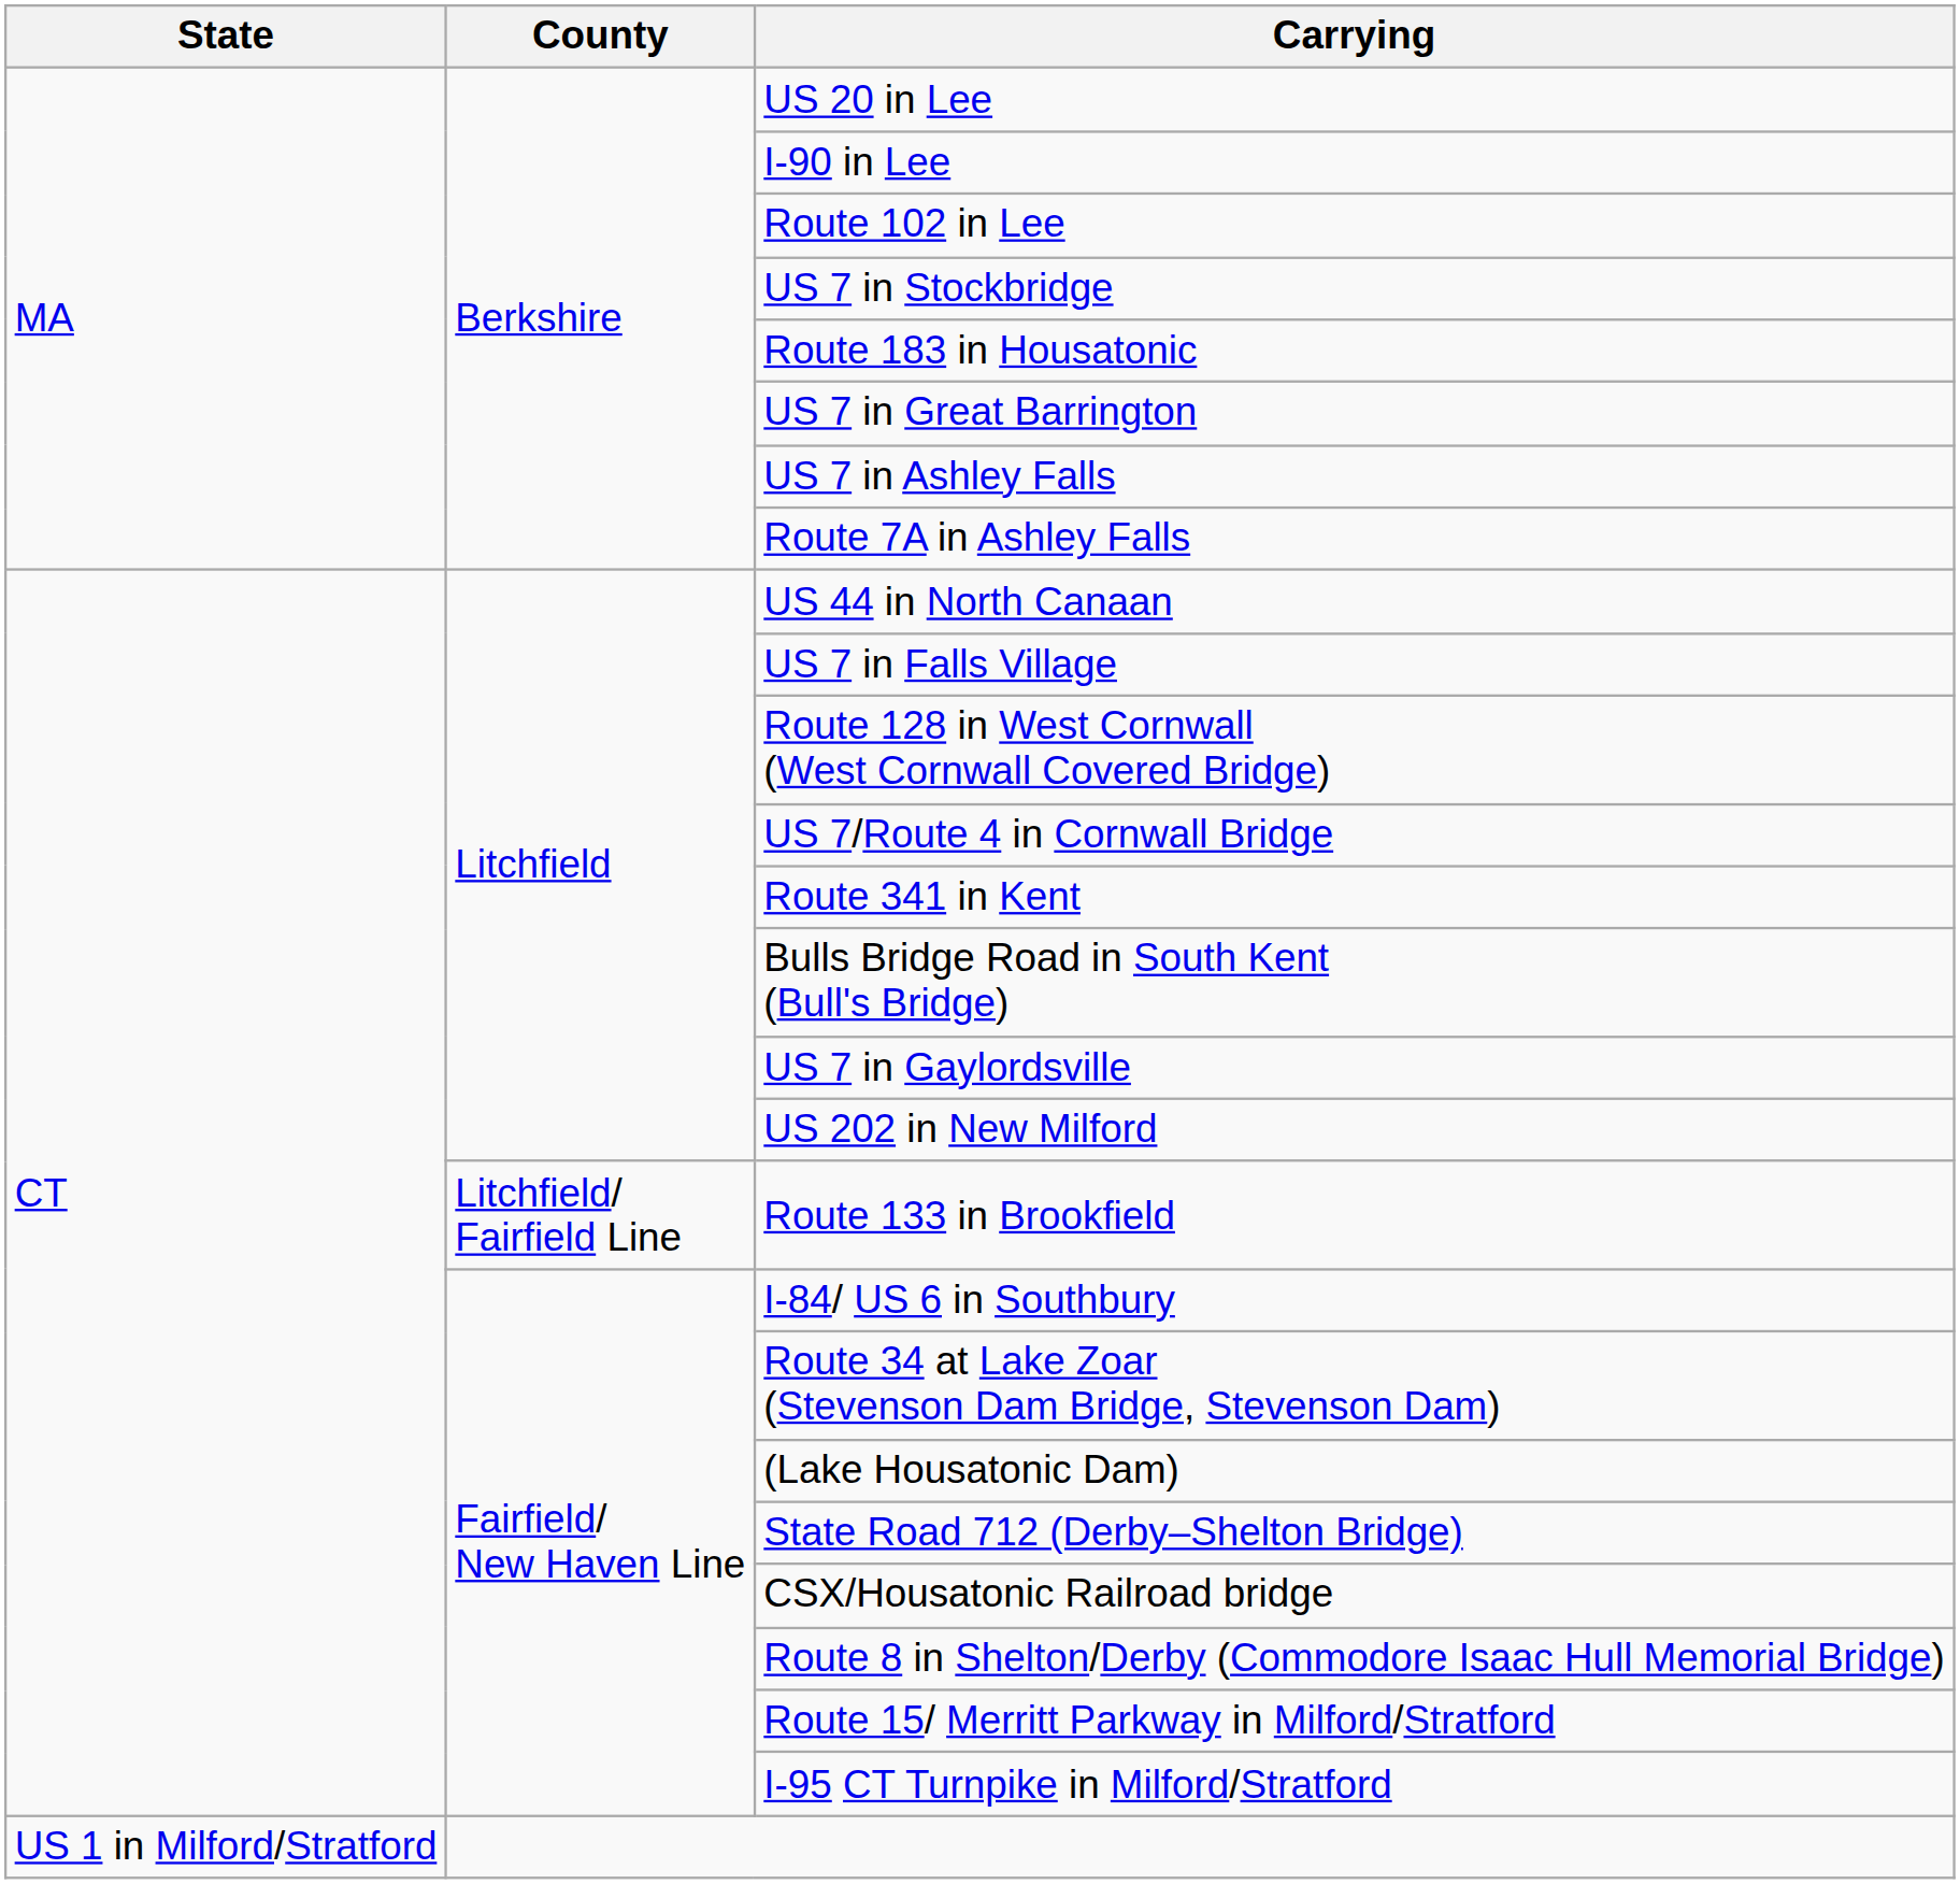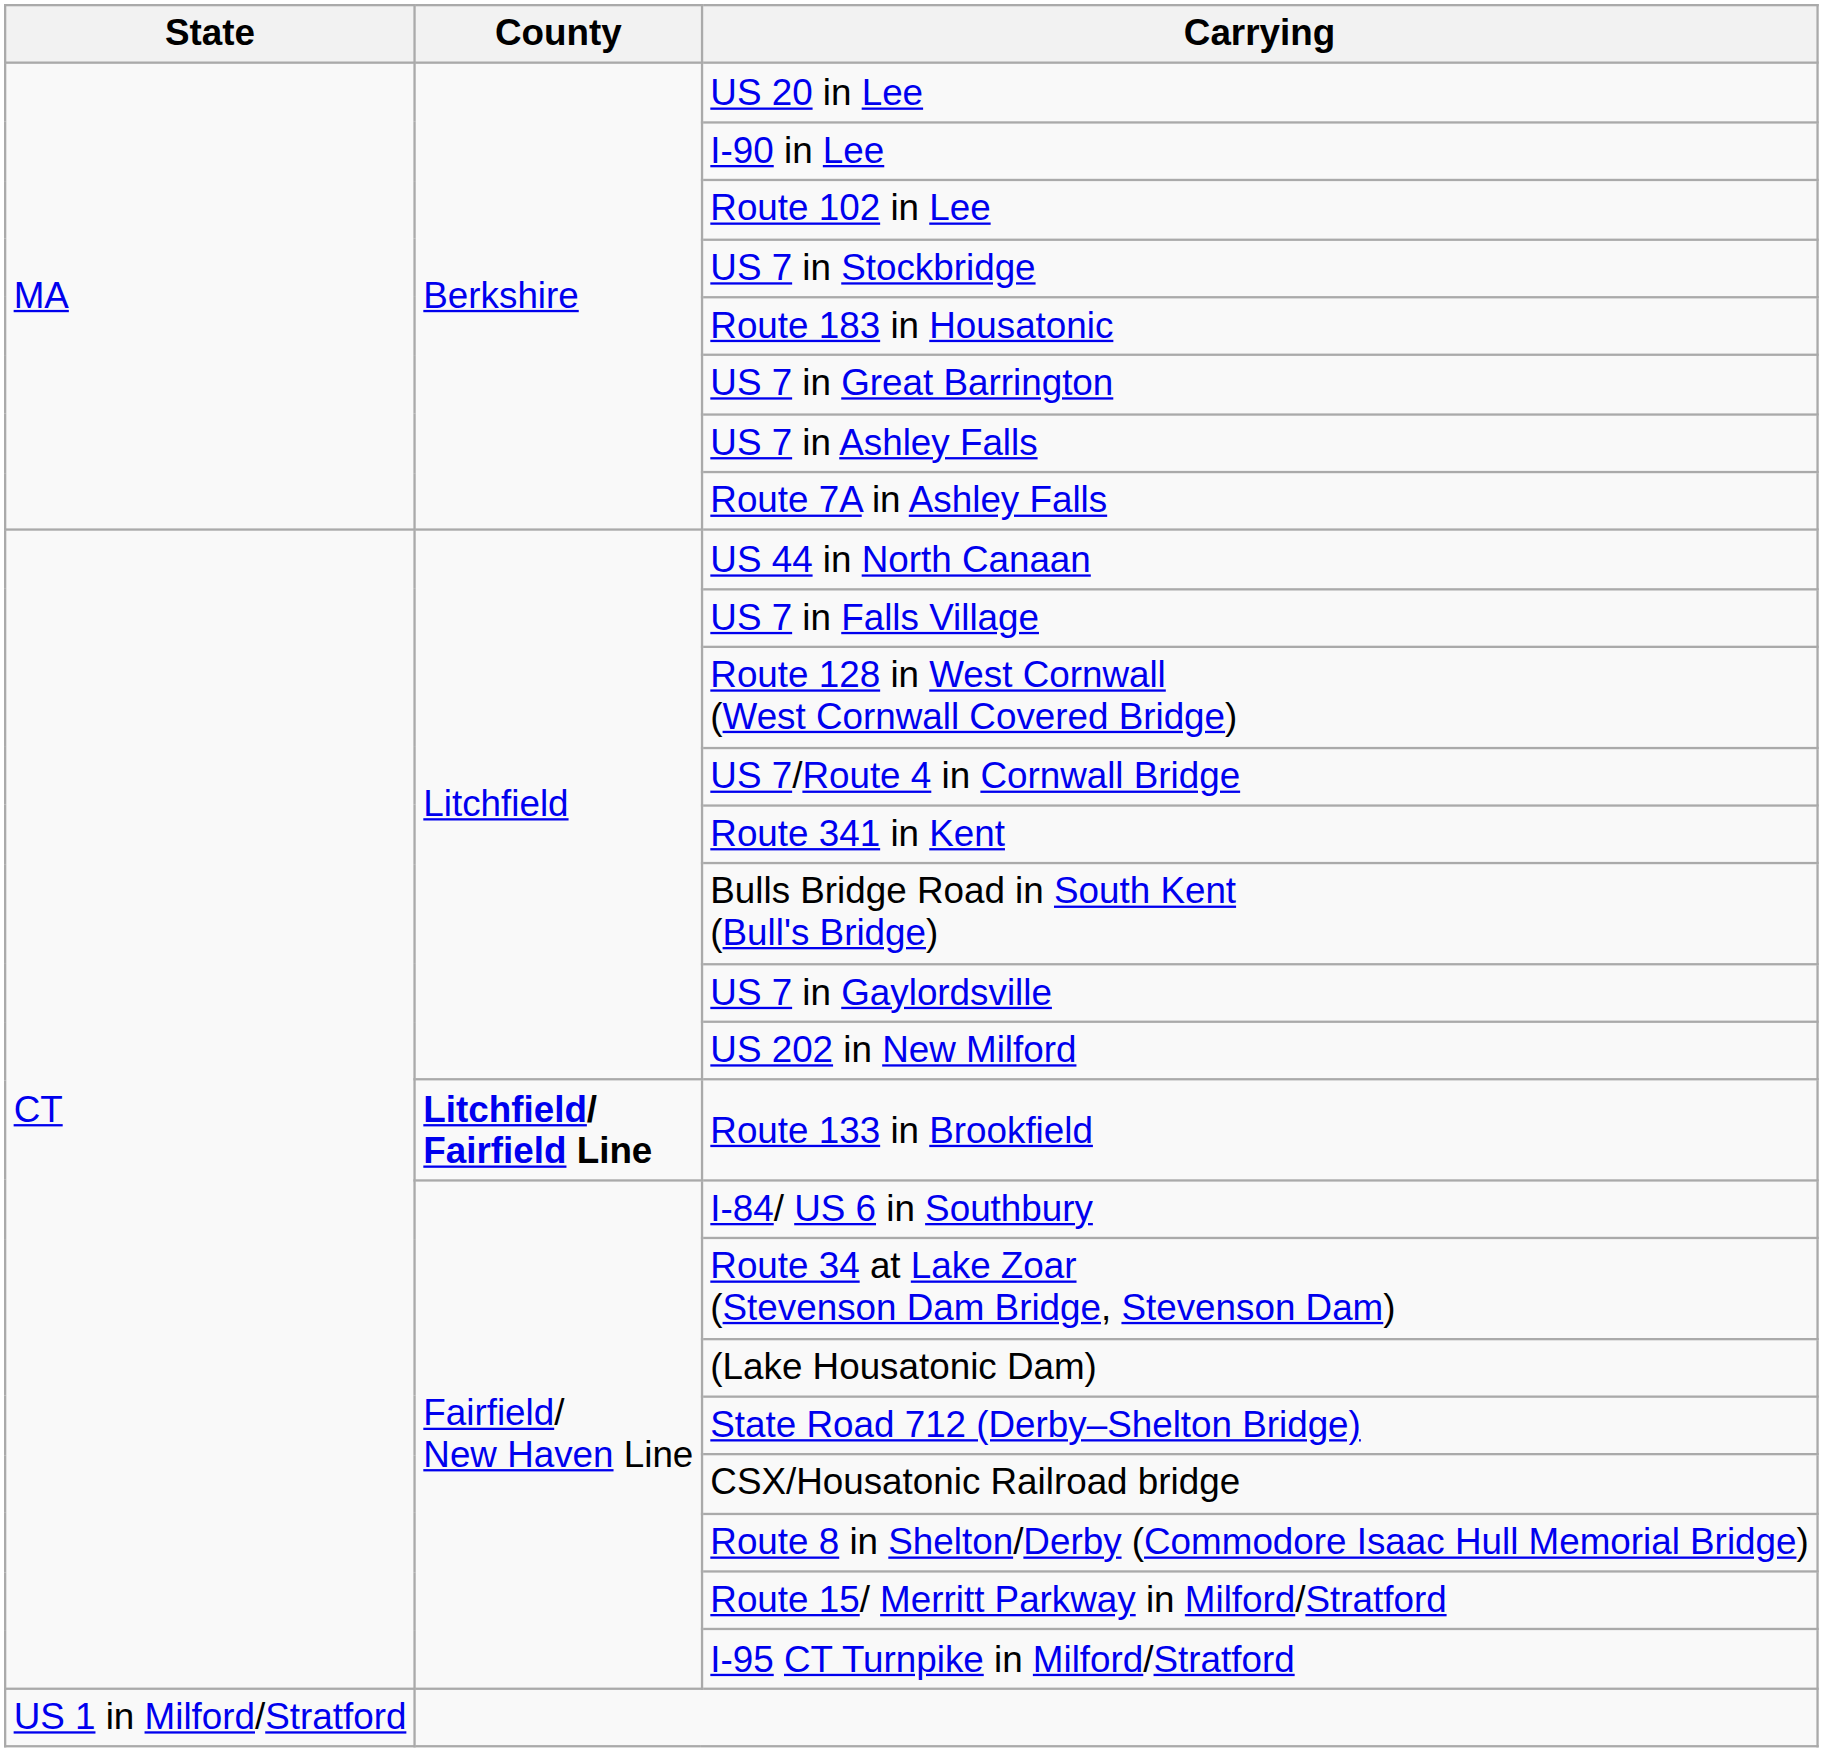 <table class="wikitable">
 <tr>
 <th>State</th>
 <th>County</th>
 <th>Carrying</th>
 </tr>
 <tr>
 <td rowspan="8"><a href='#'>MA</a></td>
 <td rowspan="8"><a href='#'>Berkshire</a></td>
 <td> <a href='#'>US 20</a> in <a href='#'>Lee</a></td>
 </tr>
 <tr>
 <td> <a href='#'>I-90</a> in <a href='#'>Lee</a></td>
 </tr>
 <tr>
 <td> <a href='#'>Route 102</a> in <a href='#'>Lee</a></td>
 </tr>
 <tr>
 <td> <a href='#'>US 7</a> in <a href='#'>Stockbridge</a></td>
 </tr>
 <tr>
 <td> <a href='#'>Route 183</a> in <a href='#'>Housatonic</a></td>
 </tr>
 <tr>
 <td> <a href='#'>US 7</a>  in <a href='#'>Great Barrington</a></td>
 </tr>
 <tr>
 <td> <a href='#'>US 7</a> in <a href='#'>Ashley Falls</a></td>
 </tr>
 <tr>
 <td> <a href='#'>Route 7A</a> in <a href='#'>Ashley Falls</a></td>
 </tr>
 <tr>
 <td rowspan="17"><a href='#'>CT</a></td>
 <td rowspan="8"><a href='#'>Litchfield</a></td>
 <td> <a href='#'>US 44</a> in <a href='#'>North Canaan</a></td>
 </tr>
 <tr>
 <td> <a href='#'>US 7</a> in <a href='#'>Falls Village</a></td>
 </tr>
 <tr>
 <td> <a href='#'>Route 128</a> in <a href='#'>West Cornwall</a><br>(<a href='#'>West Cornwall Covered Bridge</a>)</td>
 </tr>
 <tr>
 <td> <a href='#'>US 7</a>/<a href='#'>Route 4</a> in <a href='#'>Cornwall Bridge</a></td>
 </tr>
 <tr>
 <td> <a href='#'>Route 341</a> in <a href='#'>Kent</a></td>
 </tr>
 <tr>
 <td>Bulls Bridge Road in <a href='#'>South Kent</a><br>(<a href='#'>Bull's Bridge</a>)</td>
 </tr>
 <tr>
 <td>  <a href='#'>US 7</a> in <a href='#'>Gaylordsville</a></td>
 </tr>
 <tr>
 <td> <a href='#'>US 202</a> in <a href='#'>New Milford</a></td>
 </tr>
 <tr>
-<td><a href='#'>Litchfield</a>/<br><a href='#'>Fairfield</a> Line</td>
+<td><strong><a href='#'>Litchfield</a>/<br><a href='#'>Fairfield</a> Line</strong></td>
 <td> <a href='#'>Route 133</a> in <a href='#'>Brookfield</a></td>
 </tr>
 <tr>
 <td rowspan="8"><a href='#'>Fairfield</a>/<br><a href='#'>New Haven</a> Line</td>
 <td> <a href='#'>I-84</a>/ <a href='#'>US 6</a> in <a href='#'>Southbury</a></td>
 </tr>
 <tr>
 <td> <a href='#'>Route 34</a> at <a href='#'>Lake Zoar</a><br>(<a href='#'>Stevenson Dam Bridge</a>, <a href='#'>Stevenson Dam</a>)</td>
 </tr>
 <tr>
 <td>(Lake Housatonic Dam)</td>
 </tr>
 <tr>
 <td><a href='#'>State Road 712 (Derby–Shelton Bridge)</a></td>
 </tr>
 <tr>
 <td>CSX/Housatonic Railroad bridge</td>
 </tr>
 <tr>
 <td> <a href='#'>Route 8</a> in <a href='#'>Shelton</a>/<a href='#'>Derby</a> (<a href='#'>Commodore Isaac Hull Memorial Bridge</a>)</td>
 </tr>
 <tr>
 <td> <a href='#'>Route 15</a>/ <a href='#'>Merritt Parkway</a> in <a href='#'>Milford</a>/<a href='#'>Stratford</a></td>
 </tr>
 <tr>
 <td> <a href='#'>I-95</a> <a href='#'>CT Turnpike</a> in <a href='#'>Milford</a>/<a href='#'>Stratford</a></td>
 </tr>
 <tr>
 <td> <a href='#'>US 1</a> in <a href='#'>Milford</a>/<a href='#'>Stratford</a></td>
 </tr>
 </table>
